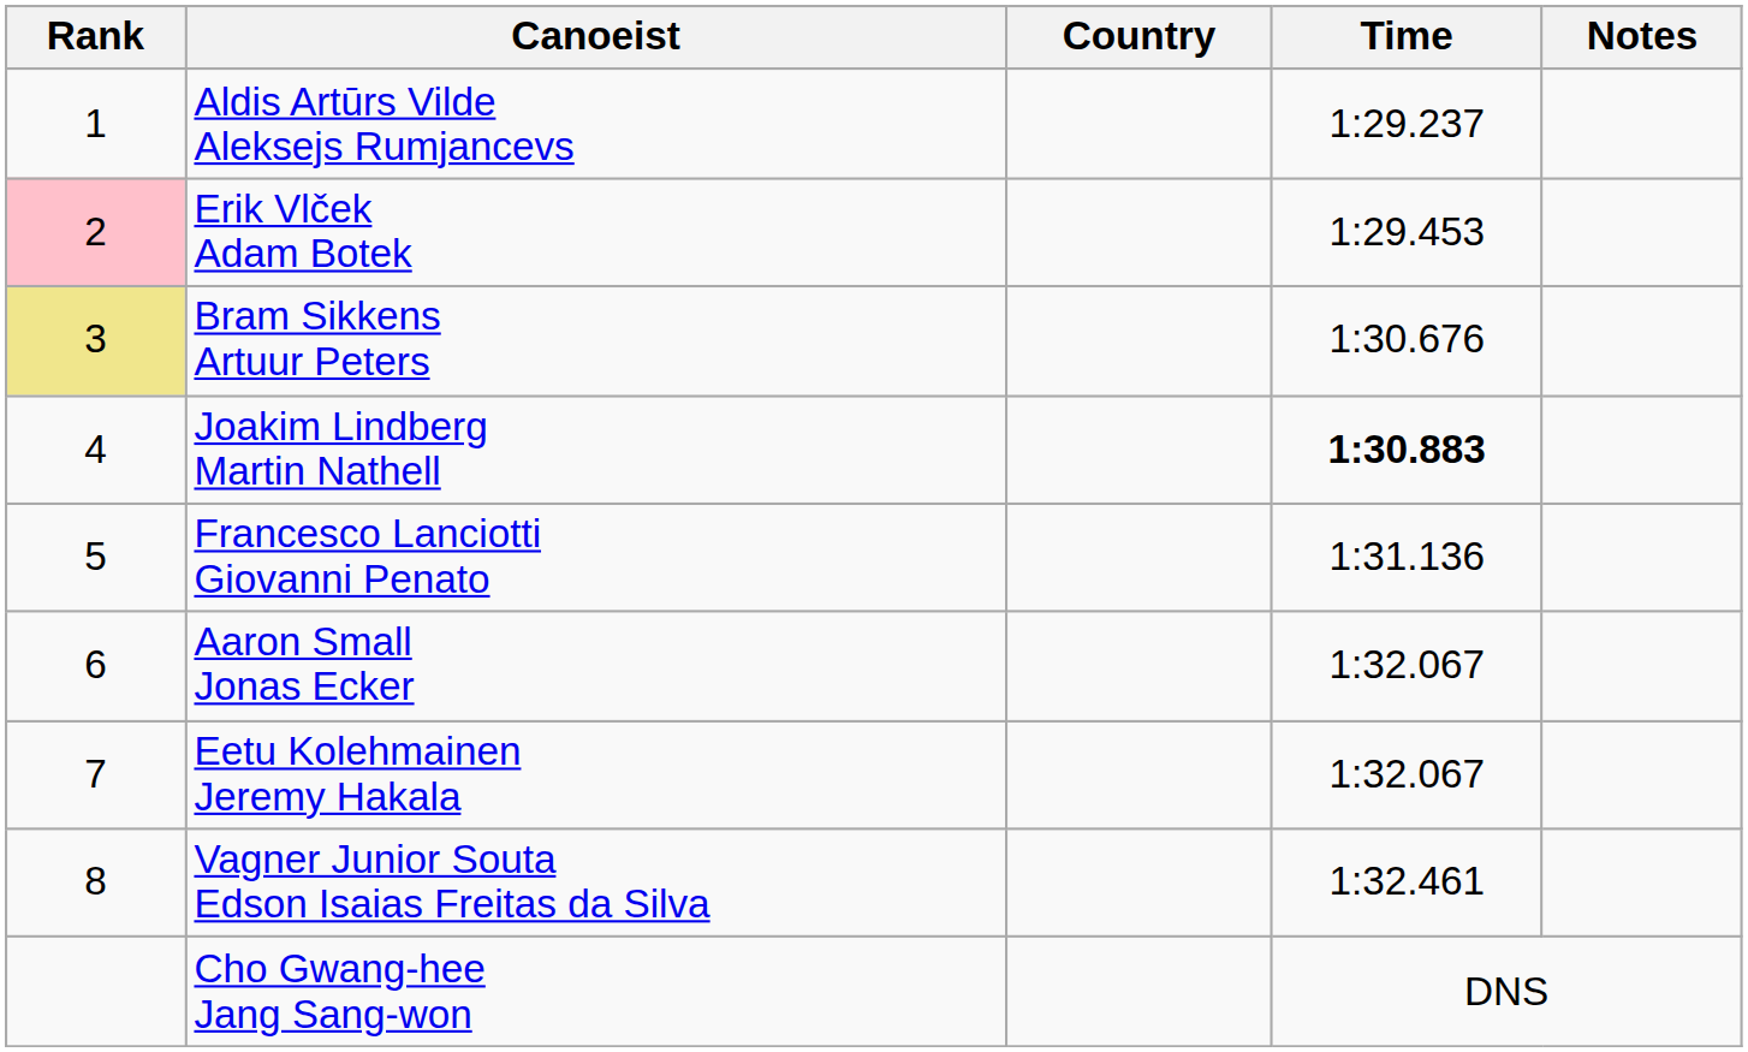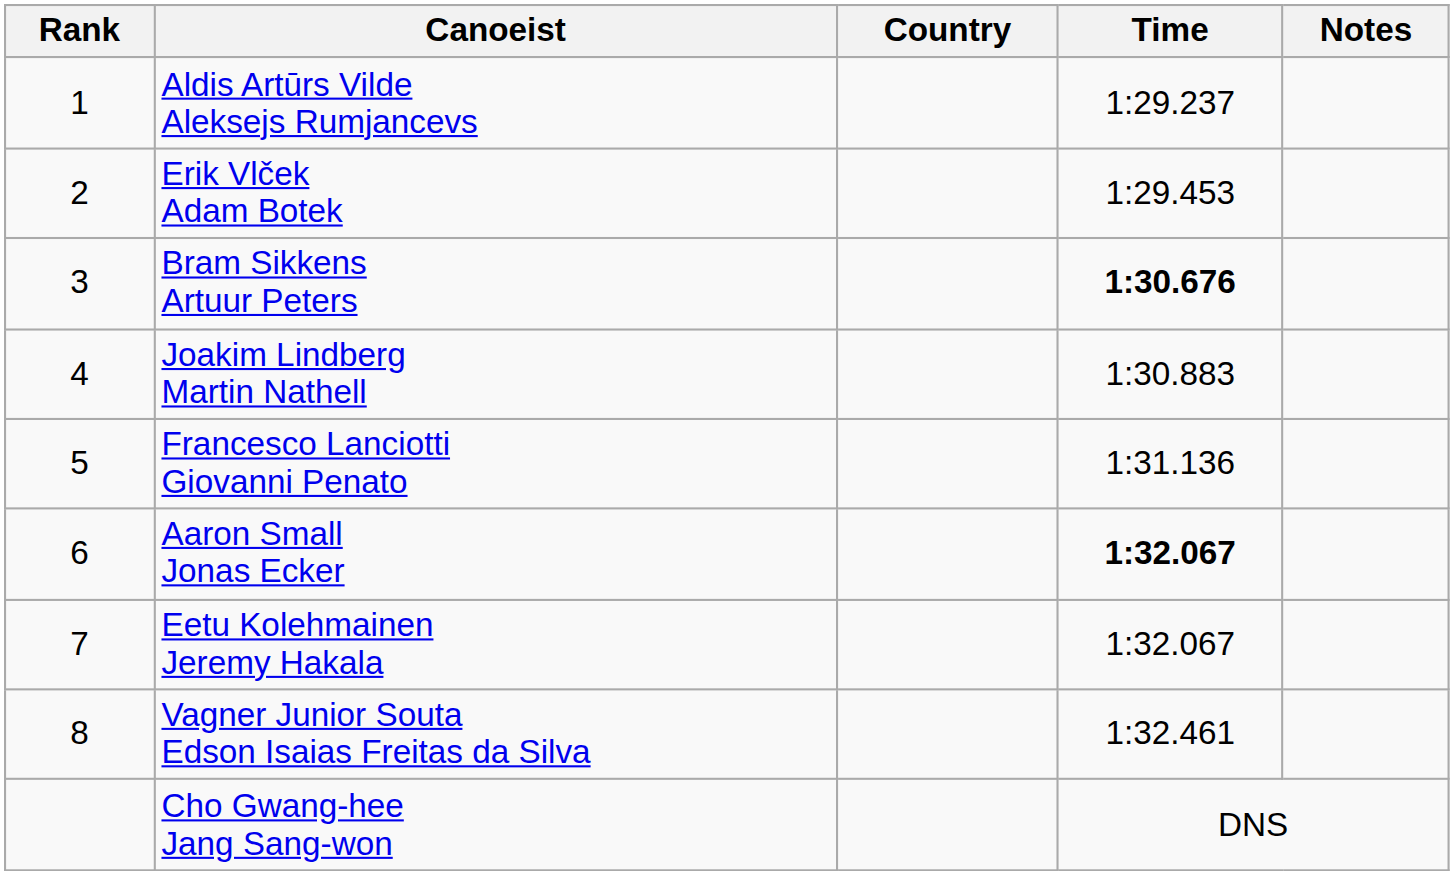 <table class="wikitable" style="text-align:center;width: 55%">
 <tr>
 <th>Rank</th>
 <th>Canoeist</th>
 <th>Country</th>
 <th>Time</th>
 <th>Notes</th>
 </tr>
 <tr>
 <td>1</td>
 <td align="left"><a href='#'>Aldis Artūrs Vilde</a><br><a href='#'>Aleksejs Rumjancevs</a></td>
 <td align="left"></td>
 <td>1:29.237</td>
 <td></td>
 </tr>
 <tr>
-<td style="background: pink;">2</td>
+<td>2</td>
 <td align="left"><a href='#'>Erik Vlček</a><br><a href='#'>Adam Botek</a></td>
 <td align="left"></td>
 <td>1:29.453</td>
 <td></td>
 </tr>
 <tr>
-<td style="background: khaki;">3</td>
+<td>3</td>
 <td align="left"><a href='#'>Bram Sikkens</a><br><a href='#'>Artuur Peters</a></td>
 <td align="left"></td>
-<td>1:30.676</td>
+<td><strong>1:30.676</strong></td>
 <td></td>
 </tr>
 <tr>
 <td>4</td>
 <td align="left"><a href='#'>Joakim Lindberg</a><br><a href='#'>Martin Nathell</a></td>
 <td align="left"></td>
-<td><strong>1:30.883</strong></td>
+<td>1:30.883</td>
 <td></td>
 </tr>
 <tr>
 <td>5</td>
 <td align="left"><a href='#'>Francesco Lanciotti</a><br><a href='#'>Giovanni Penato</a></td>
 <td align="left"></td>
 <td>1:31.136</td>
 <td></td>
 </tr>
 <tr>
 <td>6</td>
 <td align="left"><a href='#'>Aaron Small</a><br><a href='#'>Jonas Ecker</a></td>
 <td align="left"></td>
-<td>1:32.067</td>
+<td><strong>1:32.067</strong></td>
 <td></td>
 </tr>
 <tr>
 <td>7</td>
 <td align="left"><a href='#'>Eetu Kolehmainen</a><br><a href='#'>Jeremy Hakala</a></td>
 <td align="left"></td>
 <td>1:32.067</td>
 <td></td>
 </tr>
 <tr>
 <td>8</td>
 <td align="left"><a href='#'>Vagner Junior Souta</a><br><a href='#'>Edson Isaias Freitas da Silva</a></td>
 <td align="left"></td>
 <td>1:32.461</td>
 <td></td>
 </tr>
 <tr>
 <td></td>
 <td align="left"><a href='#'>Cho Gwang-hee</a><br><a href='#'>Jang Sang-won</a></td>
 <td align="left"></td>
 <td colspan=2>DNS</td>
 </tr>
 </table>
